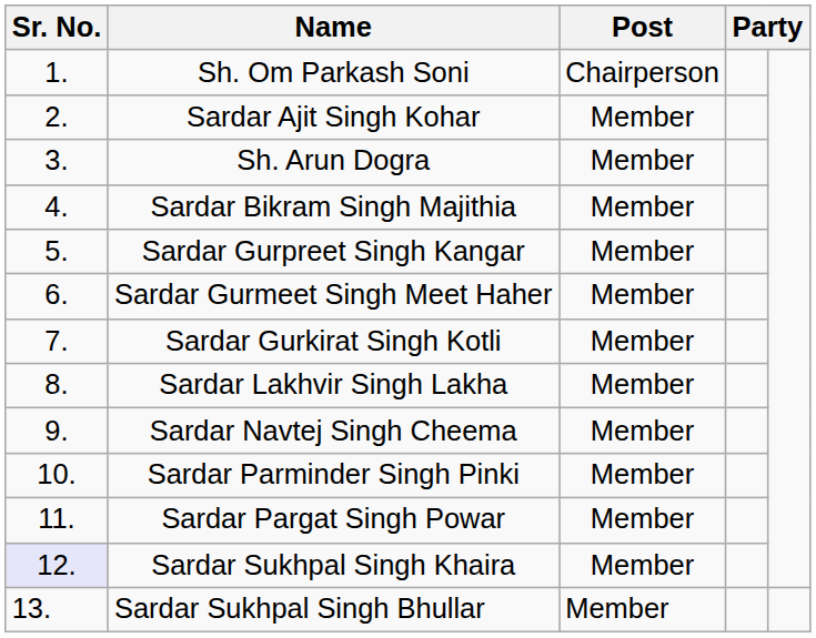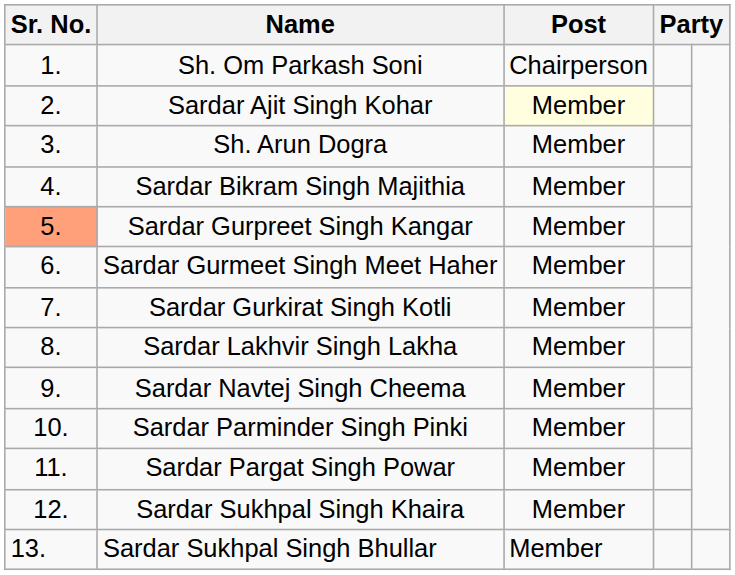 <table class="wikitable sortable">
 <tr>
 <th>Sr. No.</th>
 <th>Name</th>
 <th>Post</th>
 <th colspan="2">Party</th>
 </tr>
 <tr align="center">
 <td>1.</td>
 <td>Sh. Om Parkash Soni</td>
 <td>Chairperson</td>
 <td></td>
 </tr>
 <tr align="center">
 <td>2.</td>
 <td>Sardar Ajit Singh Kohar</td>
-<td>Member</td>
+<td style="background: lightyellow;">Member</td>
 <td></td>
 </tr>
 <tr align="center">
 <td>3.</td>
 <td>Sh. Arun Dogra</td>
 <td>Member</td>
 <td></td>
 </tr>
 <tr align="center">
 <td>4.</td>
 <td>Sardar Bikram Singh Majithia</td>
 <td>Member</td>
 <td></td>
 </tr>
 <tr align="center">
-<td>5.</td>
+<td style="background: lightsalmon;">5.</td>
 <td>Sardar Gurpreet Singh Kangar</td>
 <td>Member</td>
 <td></td>
 </tr>
 <tr align="center">
 <td>6.</td>
 <td>Sardar Gurmeet Singh Meet Haher</td>
 <td>Member</td>
 <td></td>
 </tr>
 <tr align="center">
 <td>7.</td>
 <td>Sardar Gurkirat Singh Kotli</td>
 <td>Member</td>
 <td></td>
 </tr>
 <tr align="center">
 <td>8.</td>
 <td>Sardar Lakhvir Singh Lakha</td>
 <td>Member</td>
 <td></td>
 </tr>
 <tr align="center">
 <td>9.</td>
 <td>Sardar Navtej Singh Cheema</td>
 <td>Member</td>
 <td></td>
 </tr>
 <tr align="center">
 <td>10.</td>
 <td>Sardar Parminder Singh Pinki</td>
 <td>Member</td>
 <td></td>
 </tr>
 <tr align="center">
 <td>11.</td>
 <td>Sardar Pargat Singh Powar</td>
 <td>Member</td>
 <td></td>
 </tr>
 <tr align="center">
-<td style="background: lavender;">12.</td>
+<td>12.</td>
 <td>Sardar Sukhpal Singh Khaira</td>
 <td>Member</td>
 <td></td>
 </tr>
 <tr>
 <td>13.</td>
 <td>Sardar Sukhpal Singh Bhullar</td>
 <td>Member</td>
 <td></td>
 <td></td>
 </tr>
 </table>
